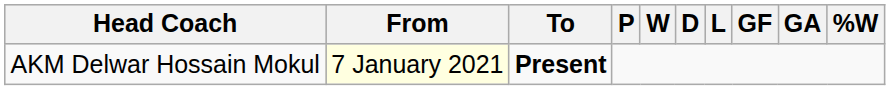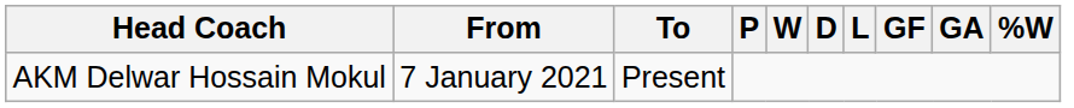 <table class="wikitable sortable" style="text-align:center">
 <tr>
 <th>Head Coach</th>
 <th Class="unsortable">From</th>
 <th Class="unsortable">To</th>
 <th abbr="3">P</th>
 <th abbr="1">W</th>
 <th abbr="1">D</th>
 <th abbr="1">L</th>
 <th abbr="4">GF</th>
 <th abbr="6">GA</th>
 <th abbr="50">%W</th>
 </tr>
 <tr>
 <td align=left> AKM Delwar Hossain Mokul</td>
-<td align=left style="background: lightyellow;">7 January 2021</td>
-<td align=left><strong>Present<br></strong></td>
+<td align=left>7 January 2021</td>
+<td align=left>Present<br></td>
 </tr>
 </table>
